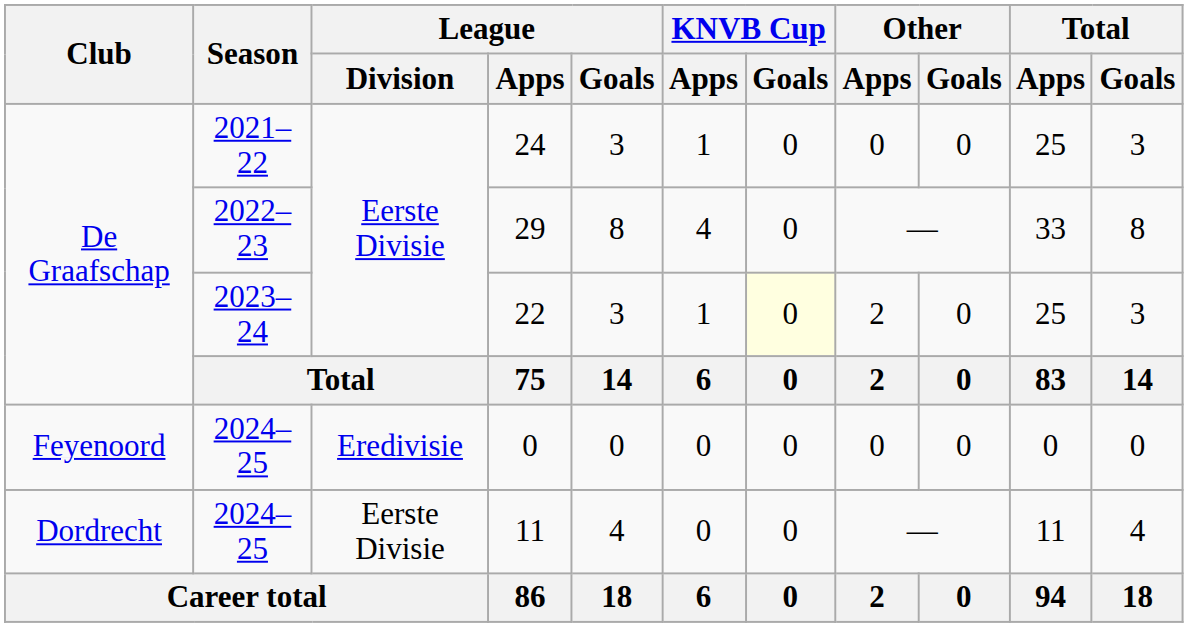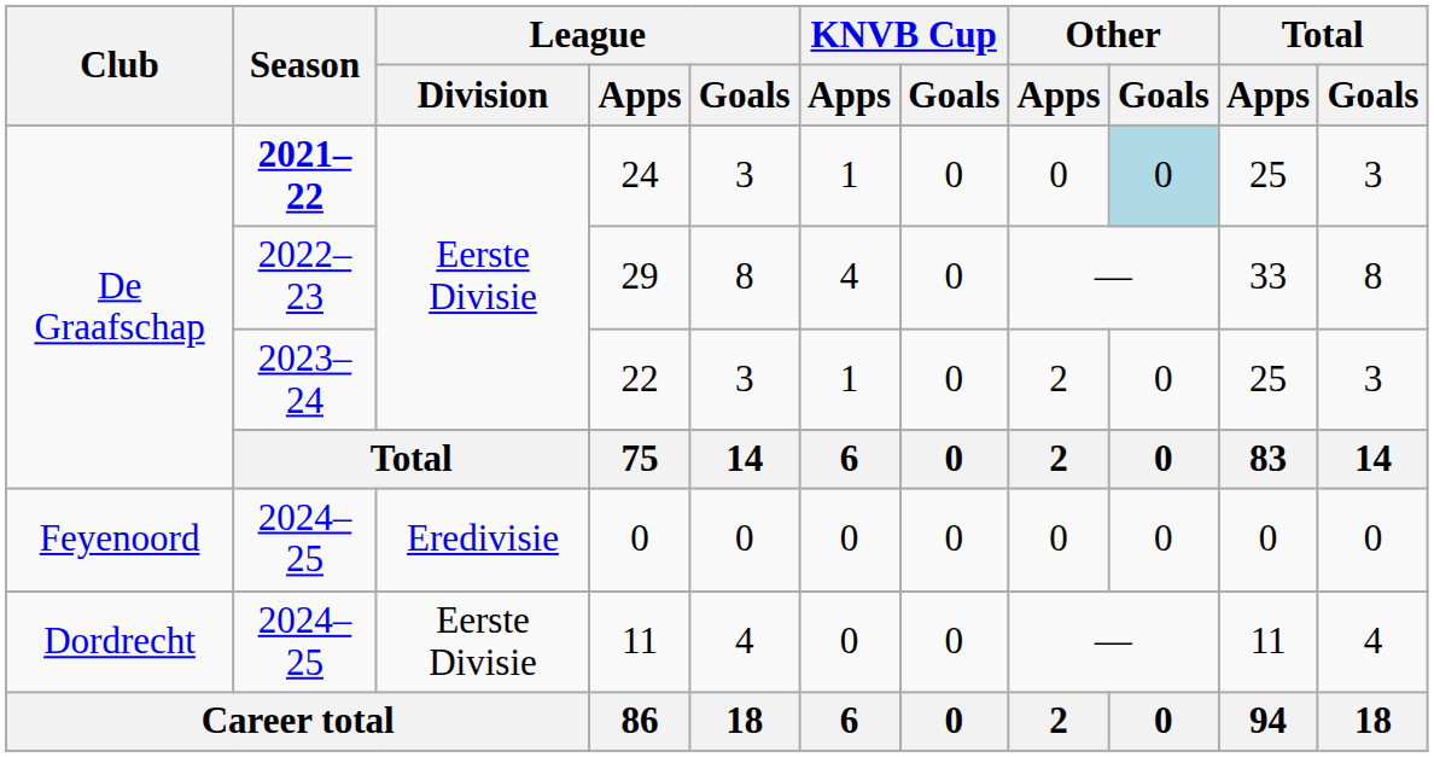 <table class="wikitable" style="text-align:center">
 <tr>
 <th rowspan="2">Club</th>
 <th rowspan="2">Season</th>
 <th colspan="3">League</th>
 <th colspan="2"><a href='#'>KNVB Cup</a></th>
 <th colspan="2">Other</th>
 <th colspan="2">Total</th>
 </tr>
 <tr>
 <th>Division</th>
 <th>Apps</th>
 <th>Goals</th>
 <th>Apps</th>
 <th>Goals</th>
 <th>Apps</th>
 <th>Goals</th>
 <th>Apps</th>
 <th>Goals</th>
 </tr>
 <tr>
 <td rowspan="4"><a href='#'>De Graafschap</a></td>
-<td><a href='#'>2021–22</a></td>
+<td><strong><a href='#'>2021–22</a></strong></td>
 <td rowspan="3"><a href='#'>Eerste Divisie</a></td>
 <td>24</td>
 <td>3</td>
 <td>1</td>
 <td>0</td>
 <td>0</td>
-<td>0</td>
+<td style="background: lightblue;">0</td>
 <td>25</td>
 <td>3</td>
 </tr>
 <tr>
 <td><a href='#'>2022–23</a></td>
 <td>29</td>
 <td>8</td>
 <td>4</td>
 <td>0</td>
 <td colspan="2">—</td>
 <td>33</td>
 <td>8</td>
 </tr>
 <tr>
 <td><a href='#'>2023–24</a></td>
 <td>22</td>
 <td>3</td>
 <td>1</td>
-<td style="background: lightyellow;">0</td>
+<td>0</td>
 <td>2</td>
 <td>0</td>
 <td>25</td>
 <td>3</td>
 </tr>
 <tr>
 <th colspan="2">Total</th>
 <th>75</th>
 <th>14</th>
 <th>6</th>
 <th>0</th>
 <th>2</th>
 <th>0</th>
 <th>83</th>
 <th>14</th>
 </tr>
 <tr>
 <td rowspan="1"><a href='#'>Feyenoord</a></td>
 <td><a href='#'>2024–25</a></td>
 <td><a href='#'>Eredivisie</a></td>
 <td>0</td>
 <td>0</td>
 <td>0</td>
 <td>0</td>
 <td>0</td>
 <td>0</td>
 <td>0</td>
 <td>0</td>
 </tr>
 <tr>
 <td rowspan="1"><a href='#'>Dordrecht</a></td>
 <td><a href='#'>2024–25</a></td>
 <td>Eerste Divisie</td>
 <td>11</td>
 <td>4</td>
 <td>0</td>
 <td>0</td>
 <td colspan="2">—</td>
 <td>11</td>
 <td>4</td>
 </tr>
 <tr>
 <th colspan="3">Career total</th>
 <th>86</th>
 <th>18</th>
 <th>6</th>
 <th>0</th>
 <th>2</th>
 <th>0</th>
 <th>94</th>
 <th>18</th>
 </tr>
 </table>
